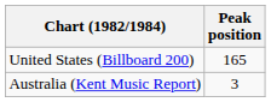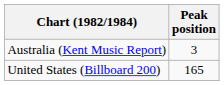 <table class="wikitable">
 <tr>
 <th scope="col">Chart (1982/1984)</th>
 <th>Peak<br>position</th>
 </tr>
 <tr>
+<td>Australia (<a href='#'>Kent Music Report</a>)</td>
+<td style="text-align:center;">3</td>
+</tr>
+<tr>
 <td>United States (<a href='#'>Billboard 200</a>)</td>
 <td style="text-align:center;">165</td>
 </tr>
-<tr>
-<td>Australia (<a href='#'>Kent Music Report</a>)</td>
-<td style="text-align:center;">3</td>
-</tr>
 </table>
